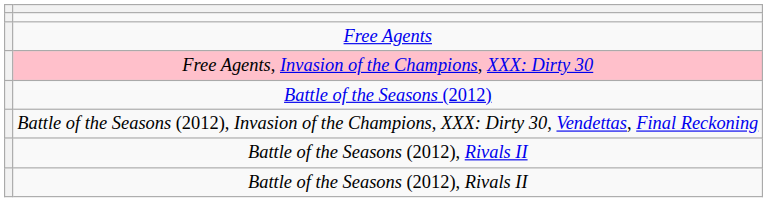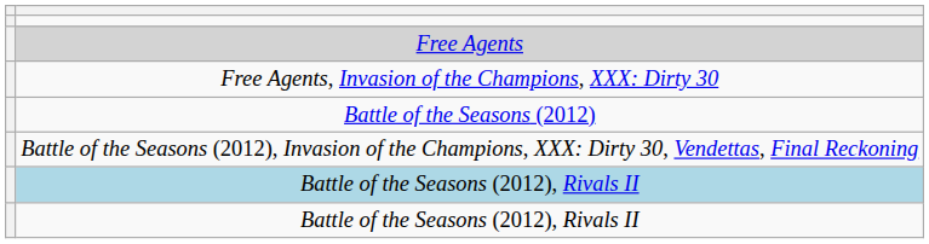 <table class="wikitable sortable" style="text-align: center">
 <tr>
 <th scope="col"></th>
 <th scope="col"></th>
 </tr>
 <tr>
 <th scope="row"></th>
 <td></td>
 </tr>
 <tr>
 <th scope="row"></th>
-<td><em><a href='#'>Free Agents</a></em></td>
+<td style="background: lightgrey;"><em><a href='#'>Free Agents</a></em></td>
 </tr>
 <tr>
 <th scope="row"></th>
-<td style="background: pink;"><em>Free Agents</em>, <em><a href='#'>Invasion of the Champions</a></em>, <em><a href='#'>XXX: Dirty 30</a></em></td>
+<td><em>Free Agents</em>, <em><a href='#'>Invasion of the Champions</a></em>, <em><a href='#'>XXX: Dirty 30</a></em></td>
 </tr>
 <tr>
 <th scope="row"></th>
 <td><a href='#'><em>Battle of the Seasons</em> (2012)</a></td>
 </tr>
 <tr>
 <th scope="row"></th>
 <td><em>Battle of the Seasons</em> (2012), <em>Invasion of the Champions</em>, <em>XXX: Dirty 30</em>, <em><a href='#'>Vendettas</a></em>, <em><a href='#'>Final Reckoning</a></em></td>
 </tr>
 <tr>
 <th scope="row"></th>
-<td><em>Battle of the Seasons</em> (2012), <em><a href='#'>Rivals II</a></em></td>
+<td style="background: lightblue;"><em>Battle of the Seasons</em> (2012), <em><a href='#'>Rivals II</a></em></td>
 </tr>
 <tr>
 <th scope="row"></th>
 <td><em>Battle of the Seasons</em> (2012), <em>Rivals II</em></td>
 </tr>
 </table>
